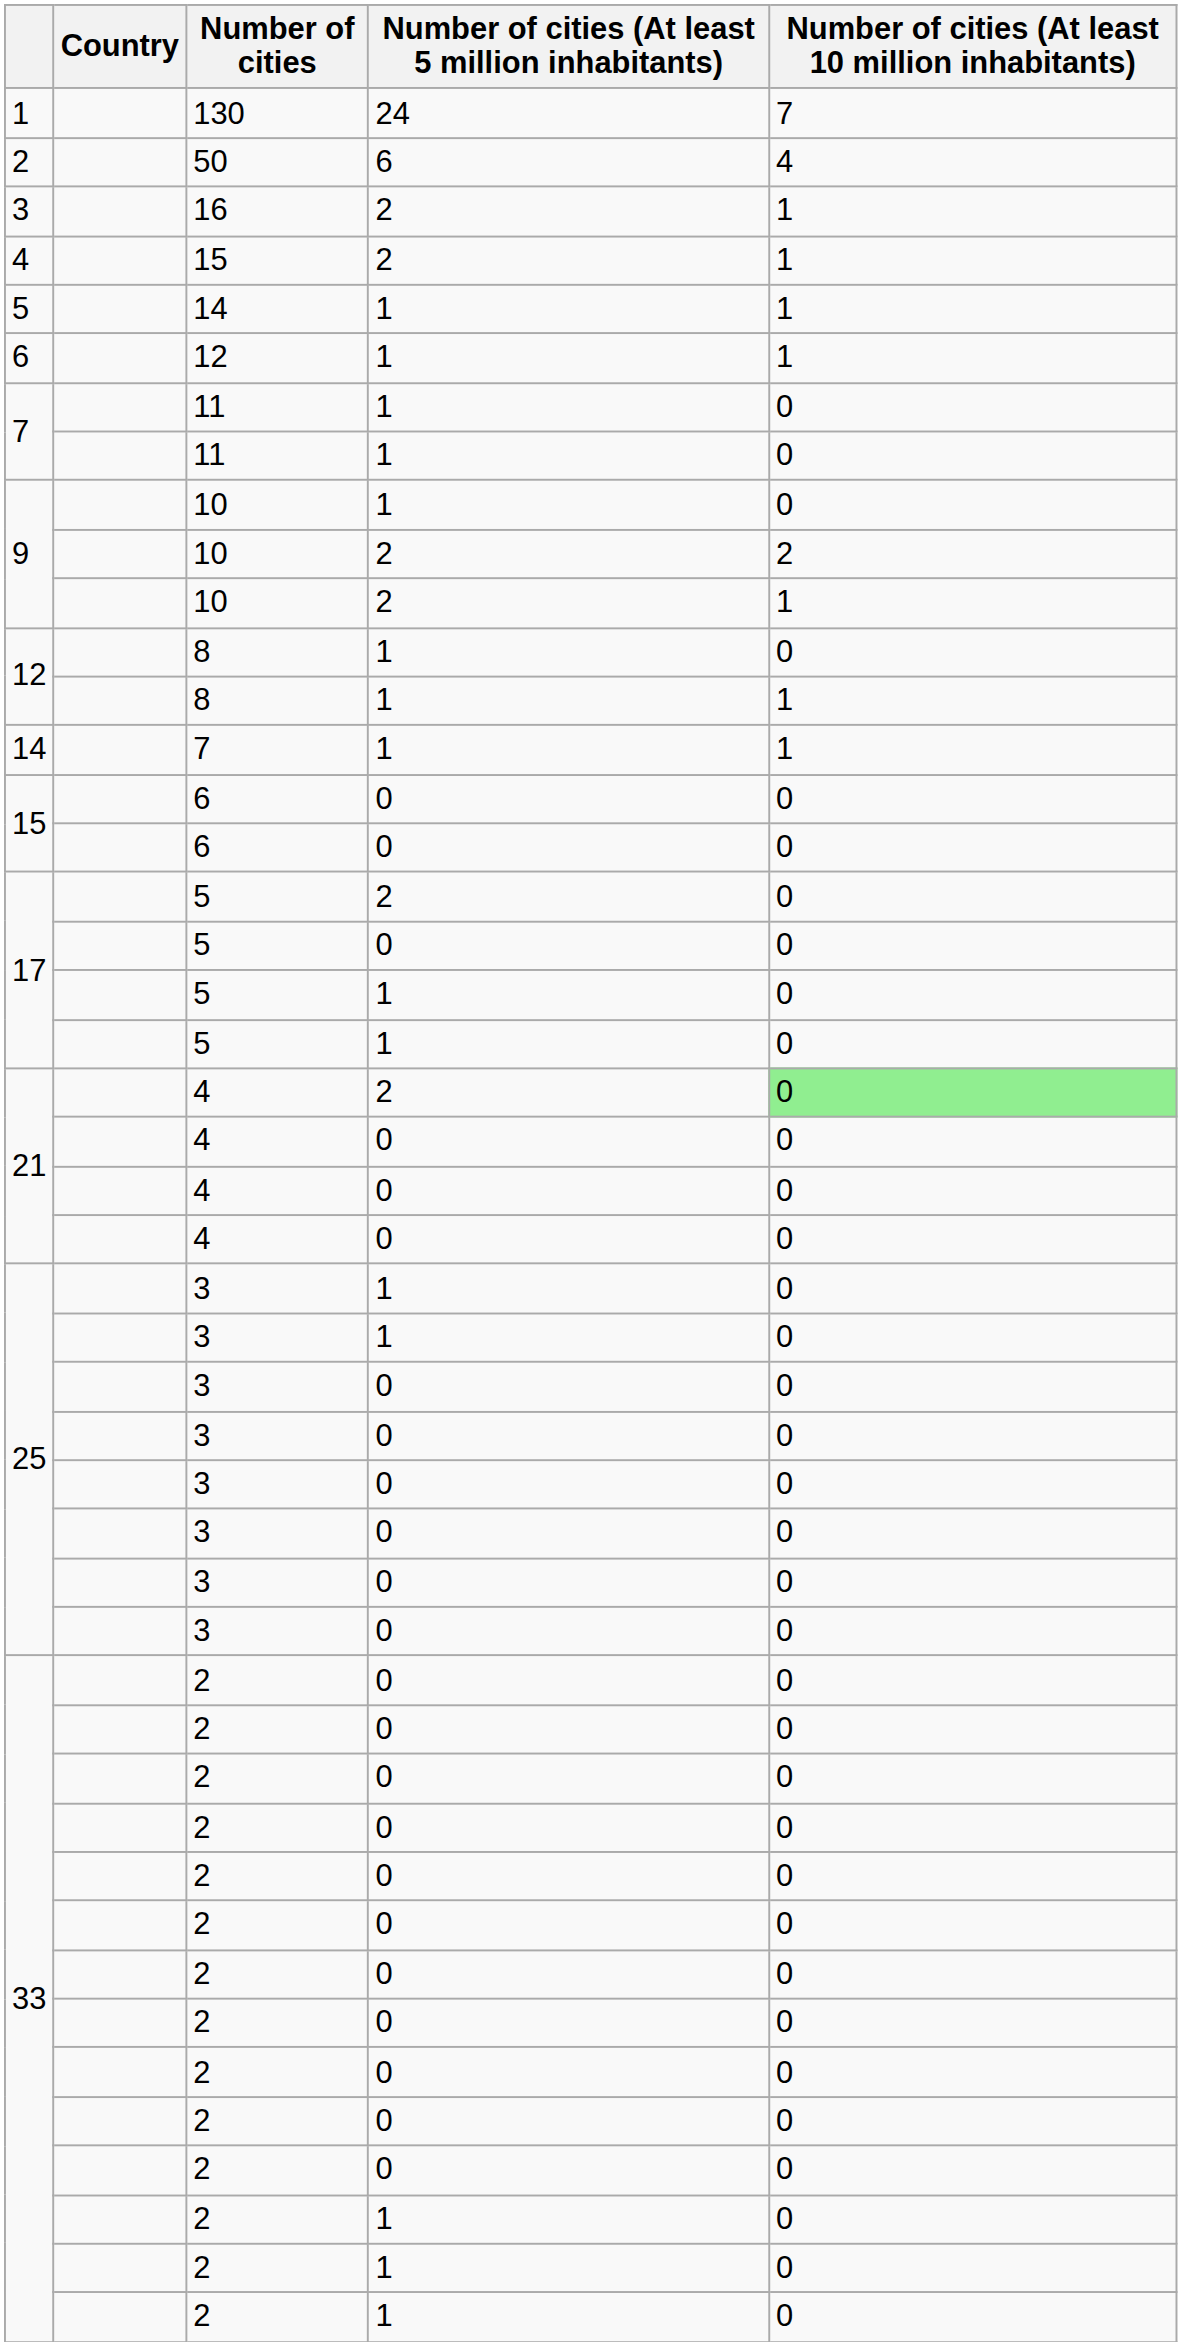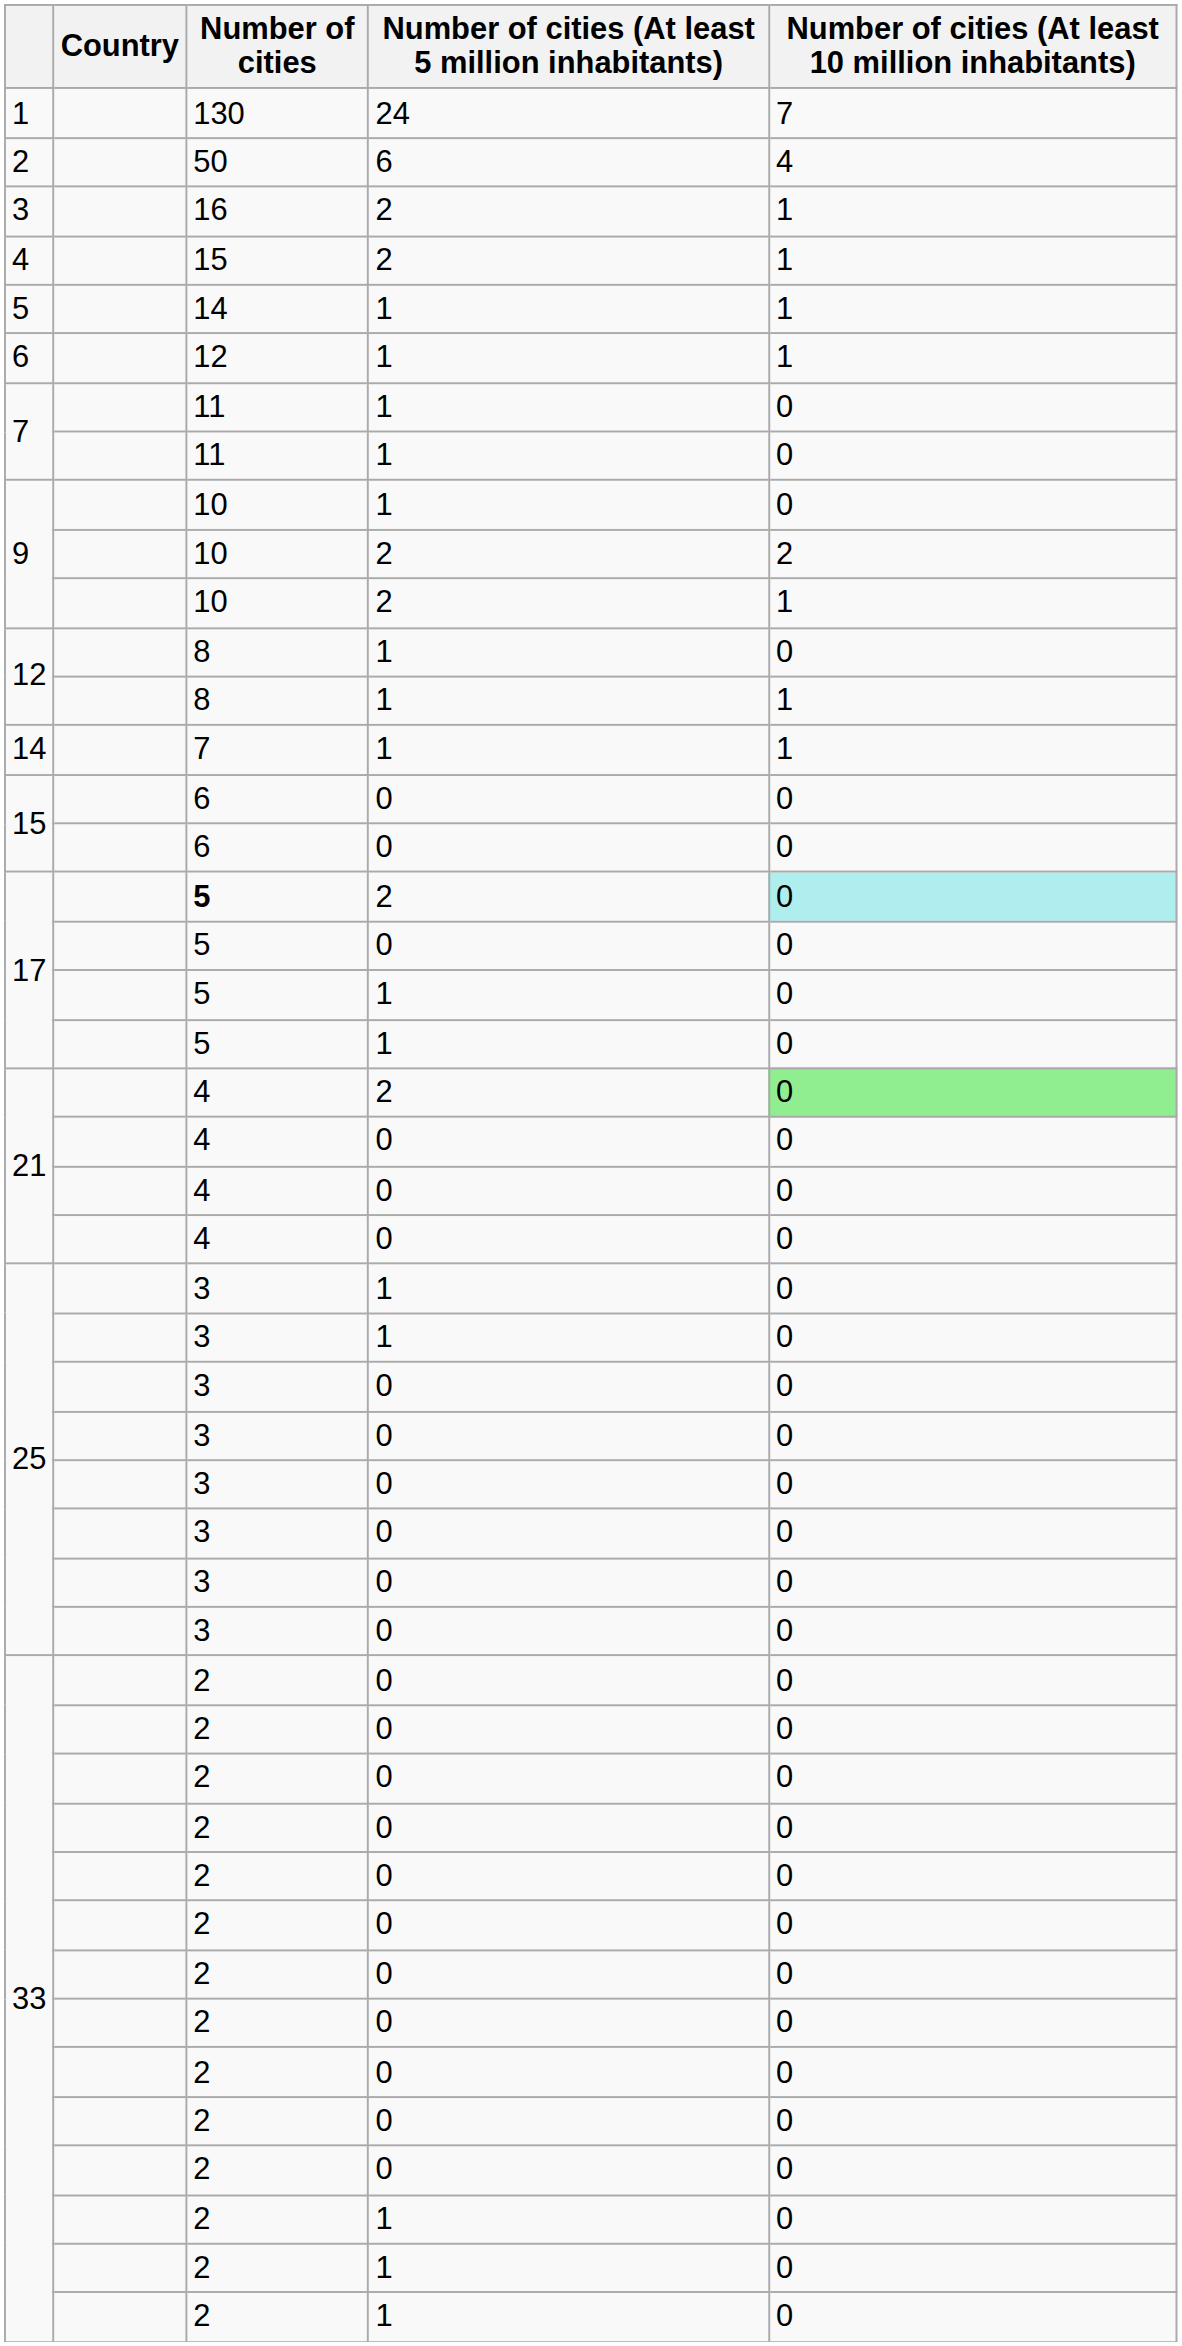 <table class="wikitable">
 <tr>
 <th></th>
 <th>Country</th>
 <th>Number of cities</th>
 <th>Number of cities (At least 5 million inhabitants)</th>
 <th>Number of cities (At least 10 million inhabitants)</th>
 </tr>
 <tr>
 <td>1</td>
 <td></td>
 <td>130</td>
 <td>24</td>
 <td>7</td>
 </tr>
 <tr>
 <td>2</td>
 <td></td>
 <td>50</td>
 <td>6</td>
 <td>4</td>
 </tr>
 <tr>
 <td>3</td>
 <td></td>
 <td>16</td>
 <td>2</td>
 <td>1</td>
 </tr>
 <tr>
 <td>4</td>
 <td></td>
 <td>15</td>
 <td>2</td>
 <td>1</td>
 </tr>
 <tr>
 <td>5</td>
 <td></td>
 <td>14</td>
 <td>1</td>
 <td>1</td>
 </tr>
 <tr>
 <td>6</td>
 <td></td>
 <td>12</td>
 <td>1</td>
 <td>1</td>
 </tr>
 <tr>
 <td rowspan="2">7</td>
 <td></td>
 <td>11</td>
 <td>1</td>
 <td>0</td>
 </tr>
 <tr>
 <td></td>
 <td>11</td>
 <td>1</td>
 <td>0</td>
 </tr>
 <tr>
 <td rowspan="3">9</td>
 <td></td>
 <td>10</td>
 <td>1</td>
 <td>0</td>
 </tr>
 <tr>
 <td></td>
 <td>10</td>
 <td>2</td>
 <td>2</td>
 </tr>
 <tr>
 <td></td>
 <td>10</td>
 <td>2</td>
 <td>1</td>
 </tr>
 <tr>
 <td rowspan="2">12</td>
 <td></td>
 <td>8</td>
 <td>1</td>
 <td>0</td>
 </tr>
 <tr>
 <td></td>
 <td>8</td>
 <td>1</td>
 <td>1</td>
 </tr>
 <tr>
 <td>14</td>
 <td></td>
 <td>7</td>
 <td>1</td>
 <td>1</td>
 </tr>
 <tr>
 <td rowspan="2">15</td>
 <td></td>
 <td>6</td>
 <td>0</td>
 <td>0</td>
 </tr>
 <tr>
 <td></td>
 <td>6</td>
 <td>0</td>
 <td>0</td>
 </tr>
 <tr>
 <td rowspan="4">17</td>
 <td></td>
-<td>5</td>
+<td><strong>5</strong></td>
 <td>2</td>
-<td>0</td>
+<td style="background: paleturquoise;">0</td>
 </tr>
 <tr>
 <td></td>
 <td>5</td>
 <td>0</td>
 <td>0</td>
 </tr>
 <tr>
 <td></td>
 <td>5</td>
 <td>1</td>
 <td>0</td>
 </tr>
 <tr>
 <td></td>
 <td>5</td>
 <td>1</td>
 <td>0</td>
 </tr>
 <tr>
 <td rowspan="4">21</td>
 <td></td>
 <td>4</td>
 <td>2</td>
 <td style="background: lightgreen;">0</td>
 </tr>
 <tr>
 <td></td>
 <td>4</td>
 <td>0</td>
 <td>0</td>
 </tr>
 <tr>
 <td></td>
 <td>4</td>
 <td>0</td>
 <td>0</td>
 </tr>
 <tr>
 <td></td>
 <td>4</td>
 <td>0</td>
 <td>0</td>
 </tr>
 <tr>
 <td rowspan="8">25</td>
 <td></td>
 <td>3</td>
 <td>1</td>
 <td>0</td>
 </tr>
 <tr>
 <td></td>
 <td>3</td>
 <td>1</td>
 <td>0</td>
 </tr>
 <tr>
 <td></td>
 <td>3</td>
 <td>0</td>
 <td>0</td>
 </tr>
 <tr>
 <td></td>
 <td>3</td>
 <td>0</td>
 <td>0</td>
 </tr>
 <tr>
 <td></td>
 <td>3</td>
 <td>0</td>
 <td>0</td>
 </tr>
 <tr>
 <td></td>
 <td>3</td>
 <td>0</td>
 <td>0</td>
 </tr>
 <tr>
 <td></td>
 <td>3</td>
 <td>0</td>
 <td>0</td>
 </tr>
 <tr>
 <td></td>
 <td>3</td>
 <td>0</td>
 <td>0</td>
 </tr>
 <tr>
 <td rowspan="14">33</td>
 <td></td>
 <td>2</td>
 <td>0</td>
 <td>0</td>
 </tr>
 <tr>
 <td></td>
 <td>2</td>
 <td>0</td>
 <td>0</td>
 </tr>
 <tr>
 <td></td>
 <td>2</td>
 <td>0</td>
 <td>0</td>
 </tr>
 <tr>
 <td></td>
 <td>2</td>
 <td>0</td>
 <td>0</td>
 </tr>
 <tr>
 <td></td>
 <td>2</td>
 <td>0</td>
 <td>0</td>
 </tr>
 <tr>
 <td></td>
 <td>2</td>
 <td>0</td>
 <td>0</td>
 </tr>
 <tr>
 <td></td>
 <td>2</td>
 <td>0</td>
 <td>0</td>
 </tr>
 <tr>
 <td></td>
 <td>2</td>
 <td>0</td>
 <td>0</td>
 </tr>
 <tr>
 <td></td>
 <td>2</td>
 <td>0</td>
 <td>0</td>
 </tr>
 <tr>
 <td></td>
 <td>2</td>
 <td>0</td>
 <td>0</td>
 </tr>
 <tr>
 <td></td>
 <td>2</td>
 <td>0</td>
 <td>0</td>
 </tr>
 <tr>
 <td></td>
 <td>2</td>
 <td>1</td>
 <td>0</td>
 </tr>
 <tr>
 <td></td>
 <td>2</td>
 <td>1</td>
 <td>0</td>
 </tr>
 <tr>
 <td></td>
 <td>2</td>
 <td>1</td>
 <td>0</td>
 </tr>
 </table>
